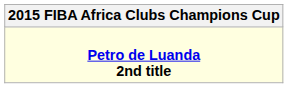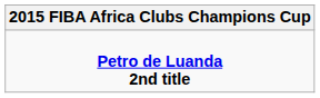 <table class=wikitable style="text-align:center; margin:auto">
 <tr>
 <th>2015 FIBA Africa Clubs Champions Cup</th>
 </tr>
 <tr>
-<td style="background: lightyellow;"><br><strong><a href='#'>Petro de Luanda</a></strong><br><strong>2nd title</strong></td>
+<td><br><strong><a href='#'>Petro de Luanda</a></strong><br><strong>2nd title</strong></td>
 </tr>
 </table>
